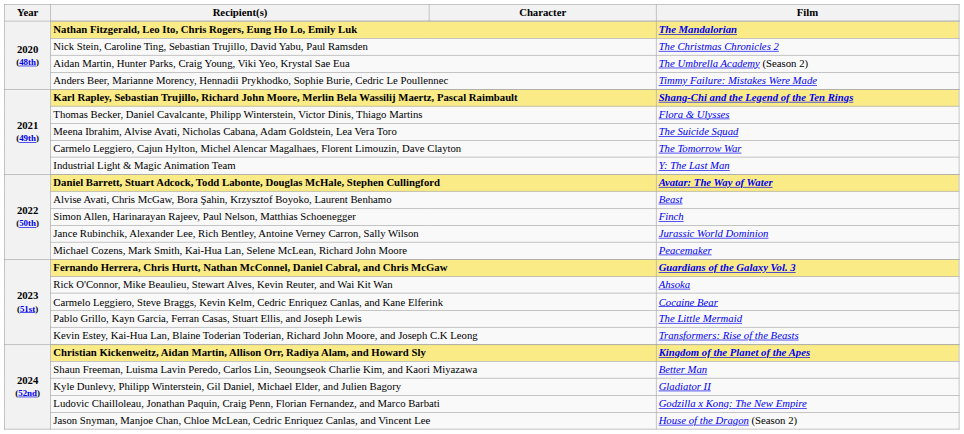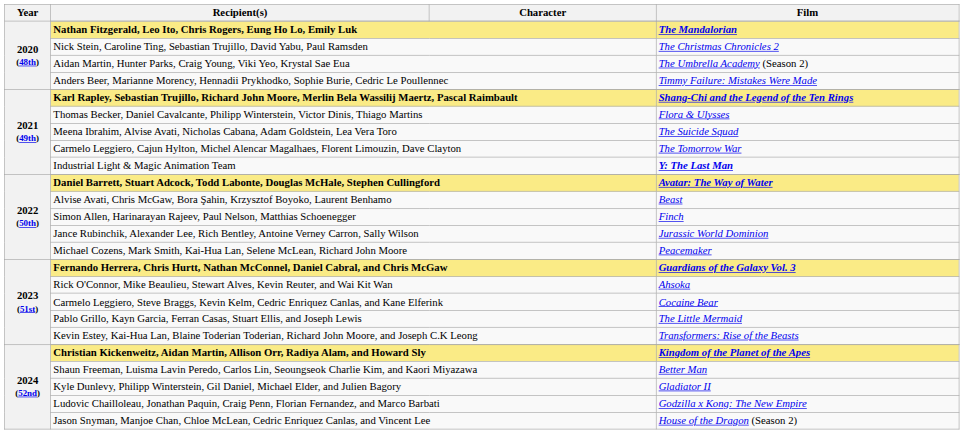 <table class="wikitable" style="width:90%;">
 <tr>
 <th style="width:3%;">Year</th>
 <th style="width:25%;">Recipient(s)</th>
 <th style="width:15%;">Character</th>
 <th style="width:20%;">Film</th>
 </tr>
 <tr>
 <th rowspan="5" style="text-align:center;">2020 <br><small>(<a href='#'>48th</a>)</small><br></th>
 </tr>
 <tr style="background:#FAEB86;">
 <td colspan="2"><strong>Nathan Fitzgerald, Leo Ito, Chris Rogers, Eung Ho Lo, Emily Luk</strong></td>
 <td><strong><em><a href='#'>The Mandalorian</a></em></strong></td>
 </tr>
 <tr>
 <td colspan="2">Nick Stein, Caroline Ting, Sebastian Trujillo, David Yabu, Paul Ramsden</td>
 <td><em><a href='#'>The Christmas Chronicles 2</a></em></td>
 </tr>
 <tr>
 <td colspan="2">Aidan Martin, Hunter Parks, Craig Young, Viki Yeo, Krystal Sae Eua</td>
 <td><em><a href='#'>The Umbrella Academy</a></em> (Season 2)</td>
 </tr>
 <tr>
 <td colspan="2">Anders Beer, Marianne Morency, Hennadii Prykhodko, Sophie Burie, Cedric Le Poullennec</td>
 <td><em><a href='#'>Timmy Failure: Mistakes Were Made</a></em></td>
 </tr>
 <tr>
 <th rowspan="6" style="text-align:center;">2021 <br><small>(<a href='#'>49th</a>)</small><br></th>
 </tr>
 <tr style="background:#FAEB86;">
 <td colspan="2"><strong>Karl Rapley, Sebastian Trujillo, Richard John Moore, Merlin Bela Wassilij Maertz, Pascal Raimbault</strong></td>
 <td><strong><em><a href='#'>Shang-Chi and the Legend of the Ten Rings</a></em></strong></td>
 </tr>
 <tr>
 <td colspan="2">Thomas Becker, Daniel Cavalcante, Philipp Winterstein, Victor Dinis, Thiago Martins</td>
 <td><em><a href='#'>Flora & Ulysses</a></em></td>
 </tr>
 <tr>
 <td colspan="2">Meena Ibrahim, Alvise Avati, Nicholas Cabana, Adam Goldstein, Lea Vera Toro</td>
 <td><em><a href='#'>The Suicide Squad</a></em></td>
 </tr>
 <tr>
 <td colspan="2">Carmelo Leggiero, Cajun Hylton, Michel Alencar Magalhaes, Florent Limouzin, Dave Clayton</td>
 <td><em><a href='#'>The Tomorrow War</a></em></td>
 </tr>
 <tr>
 <td colspan="2">Industrial Light & Magic Animation Team</td>
-<td><em><a href='#'>Y: The Last Man</a></em></td>
+<td><strong><em><a href='#'>Y: The Last Man</a></em></strong></td>
 </tr>
 <tr>
 <th rowspan="6" style="text-align:center;">2022 <br><small>(<a href='#'>50th</a>)</small><br></th>
 </tr>
 <tr style="background:#FAEB86;">
 <td colspan="2"><strong>Daniel Barrett, Stuart Adcock, Todd Labonte, Douglas McHale, Stephen Cullingford</strong></td>
 <td><strong><em><a href='#'>Avatar: The Way of Water</a></em></strong></td>
 </tr>
 <tr>
 <td colspan="2">Alvise Avati, Chris McGaw, Bora Şahin, Krzysztof Boyoko, Laurent Benhamo</td>
 <td><em><a href='#'>Beast</a></em></td>
 </tr>
 <tr>
 <td colspan="2">Simon Allen, Harinarayan Rajeev, Paul Nelson, Matthias Schoenegger</td>
 <td><em><a href='#'>Finch</a></em></td>
 </tr>
 <tr>
 <td colspan="2">Jance Rubinchik, Alexander Lee, Rich Bentley, Antoine Verney Carron, Sally Wilson</td>
 <td><em><a href='#'>Jurassic World Dominion</a></em></td>
 </tr>
 <tr>
 <td colspan="2">Michael Cozens, Mark Smith, Kai-Hua Lan, Selene McLean, Richard John Moore</td>
 <td><em><a href='#'>Peacemaker</a></em></td>
 </tr>
 <tr>
 <th rowspan="6" style="text-align:center;">2023 <br><small>(<a href='#'>51st</a>)</small><br></th>
 </tr>
 <tr style="background:#FAEB86;">
 <td colspan=2><strong>Fernando Herrera, Chris Hurtt, Nathan McConnel, Daniel Cabral, and Chris McGaw</strong></td>
 <td><strong><em><a href='#'>Guardians of the Galaxy Vol. 3</a></em></strong></td>
 </tr>
 <tr>
 <td colspan=2>Rick O'Connor, Mike Beaulieu, Stewart Alves, Kevin Reuter, and Wai Kit Wan</td>
 <td><em><a href='#'>Ahsoka</a></em></td>
 </tr>
 <tr>
 <td colspan=2>Carmelo Leggiero, Steve Braggs, Kevin Kelm, Cedric Enriquez Canlas, and Kane Elferink</td>
 <td><em><a href='#'>Cocaine Bear</a></em></td>
 </tr>
 <tr>
 <td colspan=2>Pablo Grillo, Kayn Garcia, Ferran Casas, Stuart Ellis, and Joseph Lewis</td>
 <td><em><a href='#'>The Little Mermaid</a></em></td>
 </tr>
 <tr>
 <td colspan=2>Kevin Estey, Kai-Hua Lan, Blaine Toderian Toderian, Richard John Moore, and Joseph C.K Leong</td>
 <td><em><a href='#'>Transformers: Rise of the Beasts</a></em></td>
 </tr>
 <tr>
 <th rowspan="6" style="text-align:center;">2024 <br><small>(<a href='#'>52nd</a>)</small><br></th>
 </tr>
 <tr style="background:#FAEB86;">
 <td colspan=2><strong>Christian Kickenweitz, Aidan Martin, Allison Orr, Radiya Alam, and Howard Sly</strong></td>
 <td><strong><em><a href='#'>Kingdom of the Planet of the Apes</a></em></strong></td>
 </tr>
 <tr>
 <td colspan=2>Shaun Freeman, Luisma Lavin Peredo, Carlos Lin, Seoungseok Charlie Kim, and Kaori Miyazawa</td>
 <td><em><a href='#'>Better Man</a></em></td>
 </tr>
 <tr>
 <td colspan=2>Kyle Dunlevy, Philipp Winterstein, Gil Daniel, Michael Elder, and Julien Bagory</td>
 <td><em><a href='#'>Gladiator II</a></em></td>
 </tr>
 <tr>
 <td colspan=2>Ludovic Chailloleau, Jonathan Paquin, Craig Penn, Florian Fernandez, and Marco Barbati</td>
 <td><em><a href='#'>Godzilla x Kong: The New Empire</a></em></td>
 </tr>
 <tr>
 <td colspan=2>Jason Snyman, Manjoe Chan, Chloe McLean, Cedric Enriquez Canlas, and Vincent Lee</td>
 <td><em><a href='#'>House of the Dragon</a></em> (Season 2)</td>
 </tr>
 </table>
